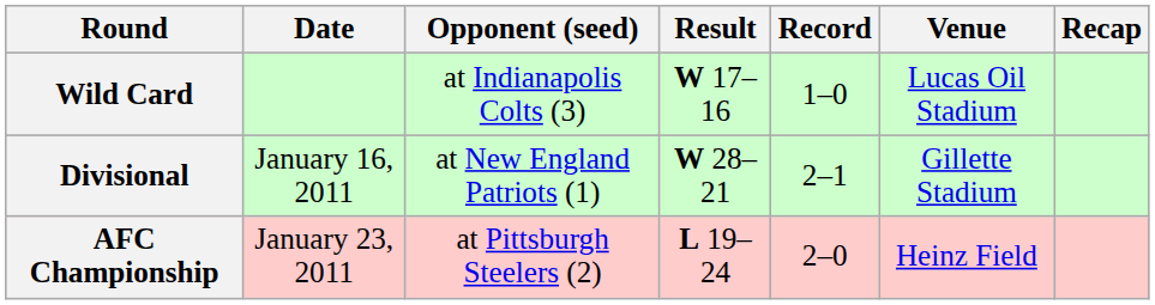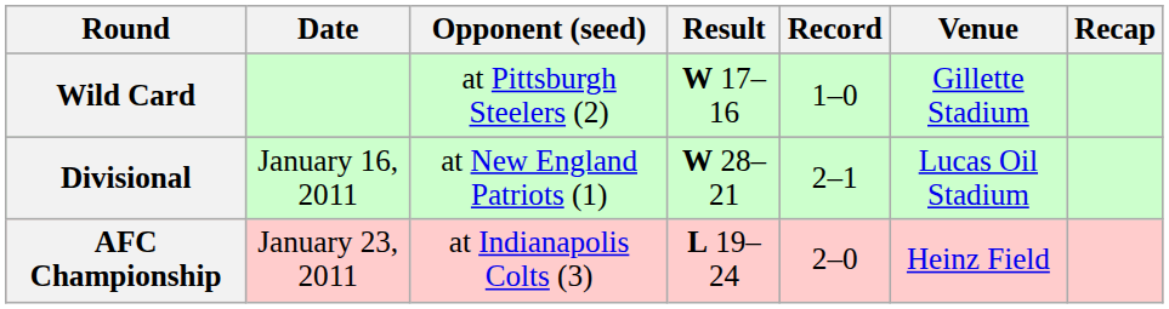 <table class="wikitable" style="text-align:center">
 <tr>
 <th>Round</th>
 <th>Date</th>
 <th>Opponent (seed)</th>
 <th>Result</th>
 <th>Record</th>
 <th>Venue</th>
 <th>Recap</th>
 </tr>
 <tr style="background:#cfc">
 <th>Wild Card</th>
 <td></td>
-<td>at <a href='#'>Indianapolis Colts</a> (3)</td>
+<td>at <a href='#'>Pittsburgh Steelers</a> (2)</td>
 <td><strong>W</strong> 17–16</td>
 <td>1–0</td>
-<td><a href='#'>Lucas Oil Stadium</a></td>
+<td><a href='#'>Gillette Stadium</a></td>
 <td></td>
 </tr>
 <tr style="background:#cfc">
 <th>Divisional</th>
 <td>January 16, 2011</td>
 <td>at <a href='#'>New England Patriots</a> (1)</td>
 <td><strong>W</strong> 28–21</td>
 <td>2–1</td>
-<td><a href='#'>Gillette Stadium</a></td>
+<td><a href='#'>Lucas Oil Stadium</a></td>
 <td></td>
 </tr>
 <tr style="background:#fcc">
 <th>AFC Championship</th>
 <td>January 23, 2011</td>
-<td>at <a href='#'>Pittsburgh Steelers</a> (2)</td>
+<td>at <a href='#'>Indianapolis Colts</a> (3)</td>
 <td><strong>L</strong> 19–24</td>
 <td>2–0</td>
 <td><a href='#'>Heinz Field</a></td>
 <td></td>
 </tr>
 </table>
